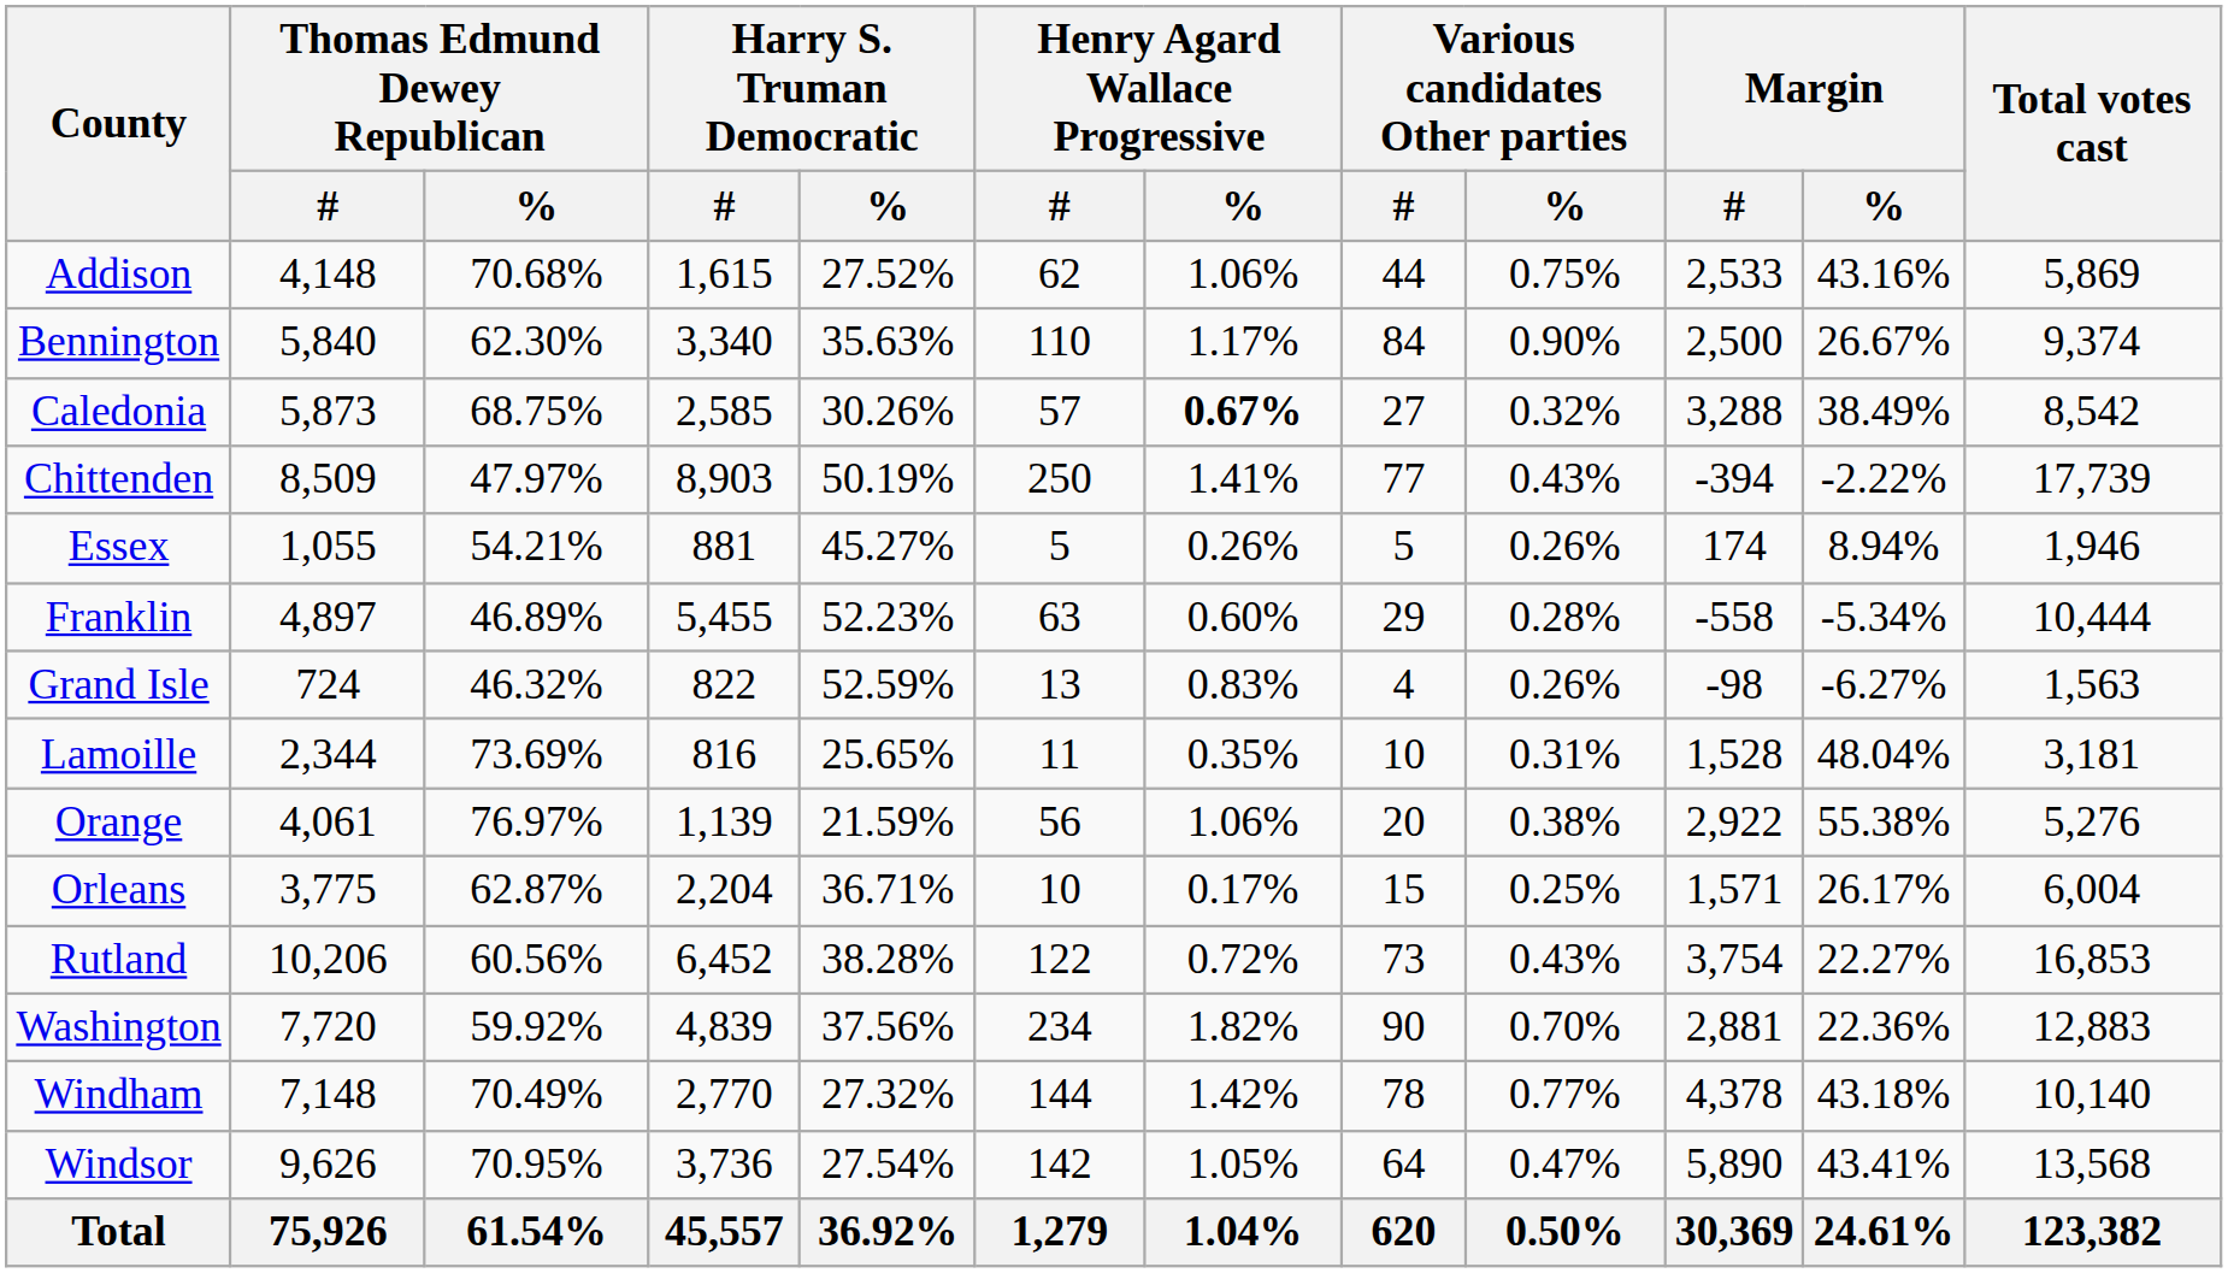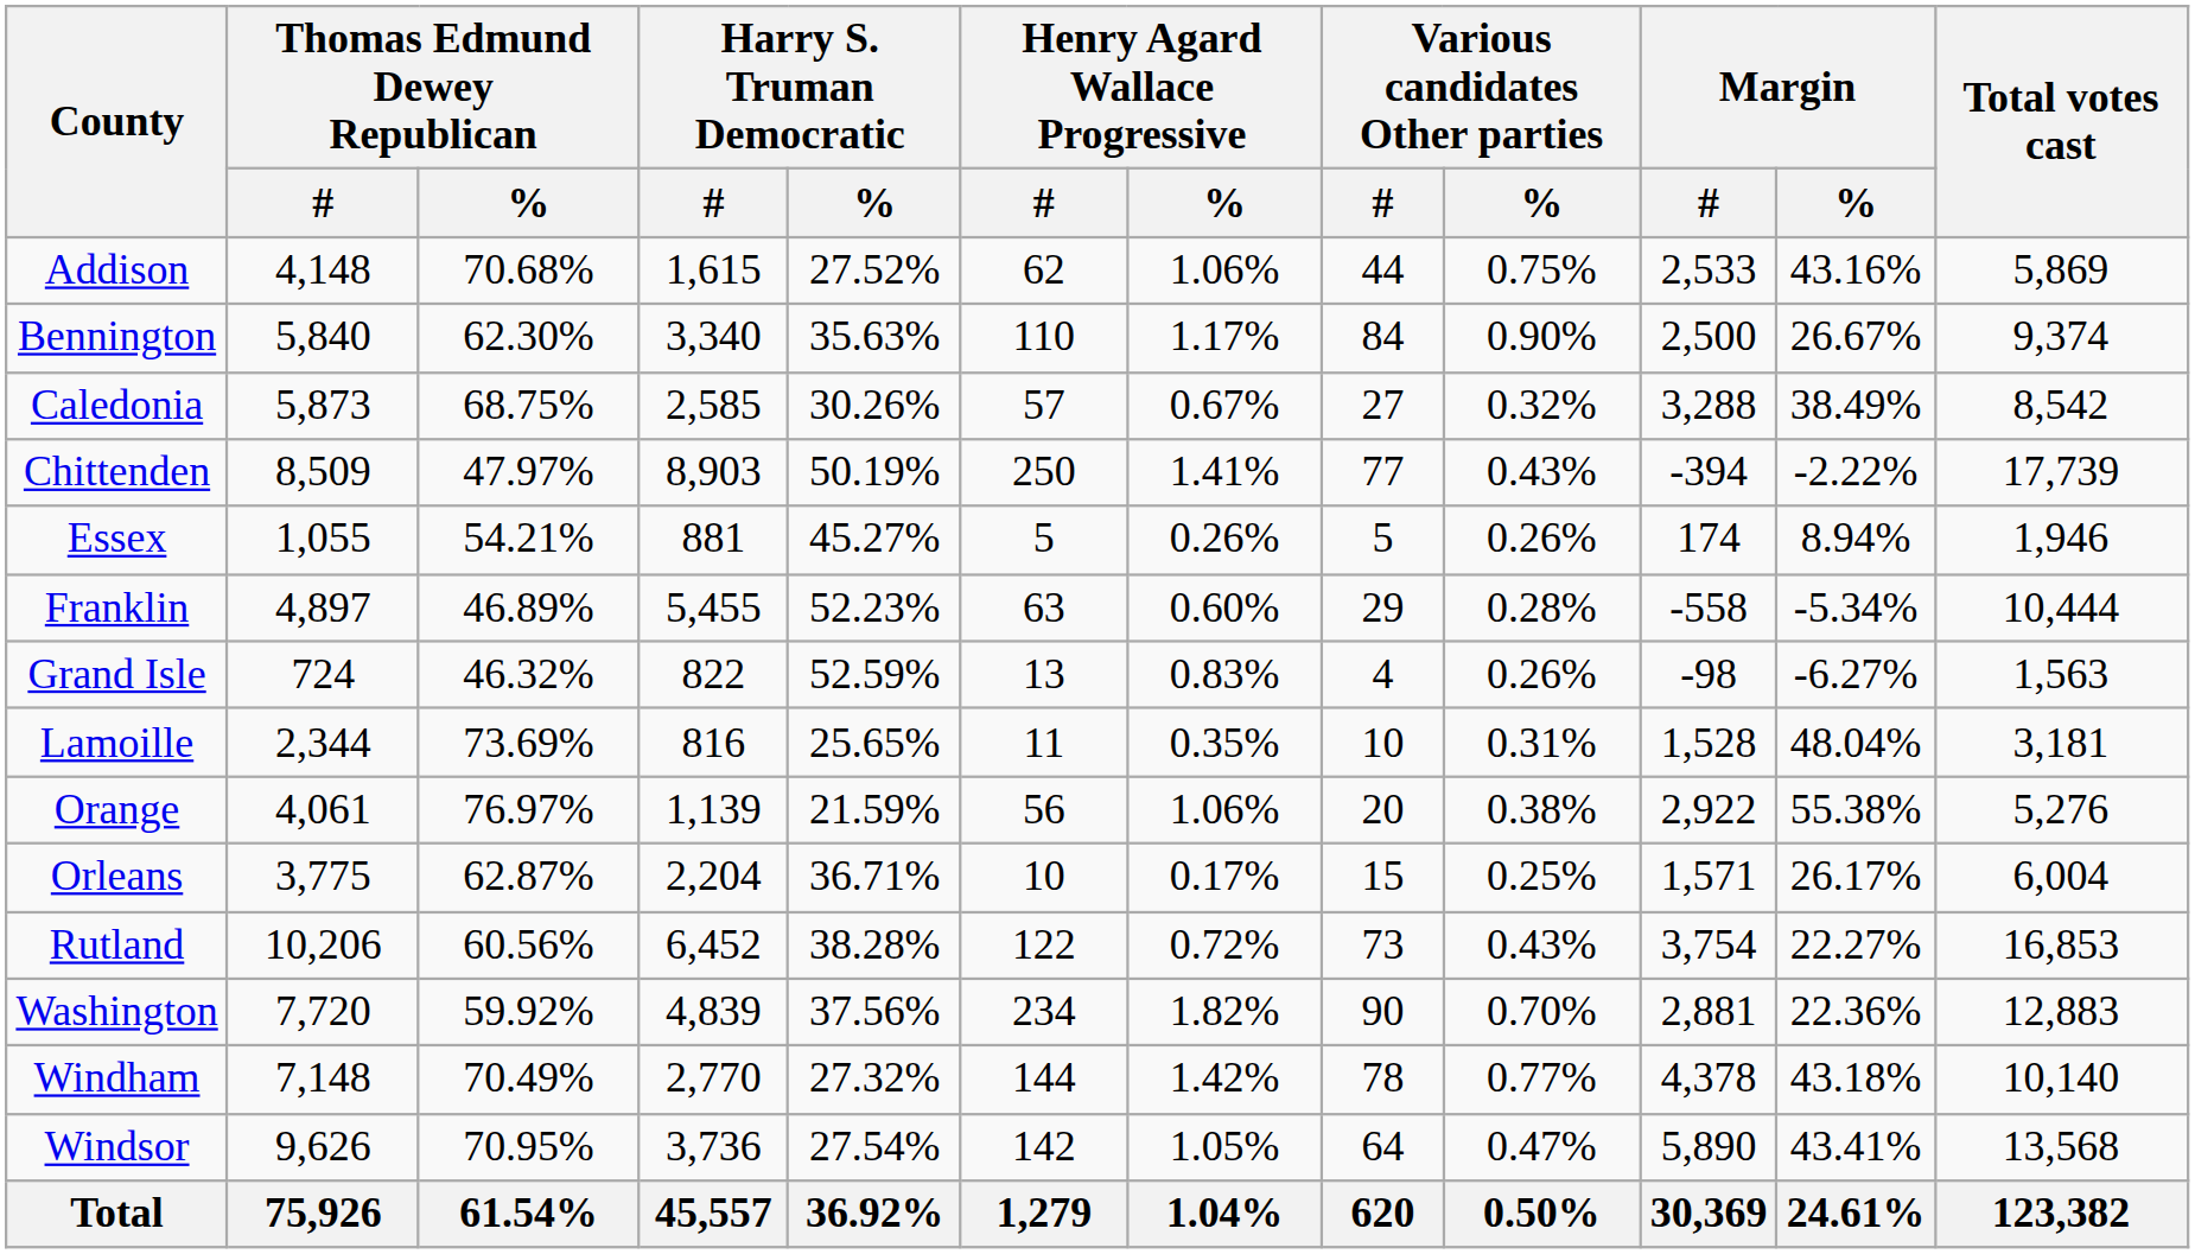 <table width="65%"  class="wikitable sortable" style="text-align:center">
 <tr>
 <th colspan="1" rowspan="2">County</th>
 <th style="text-align:center;" colspan="2">Thomas Edmund Dewey<br>Republican</th>
 <th style="text-align:center;" colspan="2">Harry S. Truman<br>Democratic</th>
 <th style="text-align:center;" colspan="2">Henry Agard Wallace<br>Progressive</th>
 <th style="text-align:center;" colspan="2">Various candidates<br>Other parties</th>
 <th style="text-align:center;" colspan="2">Margin</th>
 <th colspan="1" rowspan="2" style="text-align:center;">Total votes cast</th>
 </tr>
 <tr>
 <th style="text-align:center;" data-sort-type="number">#</th>
 <th style="text-align:center;" data-sort-type="number">%</th>
 <th style="text-align:center;" data-sort-type="number">#</th>
 <th style="text-align:center;" data-sort-type="number">%</th>
 <th style="text-align:center;" data-sort-type="number">#</th>
 <th style="text-align:center;" data-sort-type="number">%</th>
 <th style="text-align:center;" data-sort-type="number">#</th>
 <th style="text-align:center;" data-sort-type="number">%</th>
 <th style="text-align:center;" data-sort-type="number">#</th>
 <th style="text-align:center;" data-sort-type="number">%</th>
 </tr>
 <tr style="text-align:center;">
 <td><a href='#'>Addison</a></td>
 <td>4,148</td>
 <td>70.68%</td>
 <td>1,615</td>
 <td>27.52%</td>
 <td>62</td>
 <td>1.06%</td>
 <td>44</td>
 <td>0.75%</td>
 <td>2,533</td>
 <td>43.16%</td>
 <td>5,869</td>
 </tr>
 <tr style="text-align:center;">
 <td><a href='#'>Bennington</a></td>
 <td>5,840</td>
 <td>62.30%</td>
 <td>3,340</td>
 <td>35.63%</td>
 <td>110</td>
 <td>1.17%</td>
 <td>84</td>
 <td>0.90%</td>
 <td>2,500</td>
 <td>26.67%</td>
 <td>9,374</td>
 </tr>
 <tr style="text-align:center;">
 <td><a href='#'>Caledonia</a></td>
 <td>5,873</td>
 <td>68.75%</td>
 <td>2,585</td>
 <td>30.26%</td>
 <td>57</td>
-<td><strong>0.67%</strong></td>
+<td>0.67%</td>
 <td>27</td>
 <td>0.32%</td>
 <td>3,288</td>
 <td>38.49%</td>
 <td>8,542</td>
 </tr>
 <tr style="text-align:center;">
 <td><a href='#'>Chittenden</a></td>
 <td>8,509</td>
 <td>47.97%</td>
 <td>8,903</td>
 <td>50.19%</td>
 <td>250</td>
 <td>1.41%</td>
 <td>77</td>
 <td>0.43%</td>
 <td>-394</td>
 <td>-2.22%</td>
 <td>17,739</td>
 </tr>
 <tr style="text-align:center;">
 <td><a href='#'>Essex</a></td>
 <td>1,055</td>
 <td>54.21%</td>
 <td>881</td>
 <td>45.27%</td>
 <td>5</td>
 <td>0.26%</td>
 <td>5</td>
 <td>0.26%</td>
 <td>174</td>
 <td>8.94%</td>
 <td>1,946</td>
 </tr>
 <tr style="text-align:center;">
 <td><a href='#'>Franklin</a></td>
 <td>4,897</td>
 <td>46.89%</td>
 <td>5,455</td>
 <td>52.23%</td>
 <td>63</td>
 <td>0.60%</td>
 <td>29</td>
 <td>0.28%</td>
 <td>-558</td>
 <td>-5.34%</td>
 <td>10,444</td>
 </tr>
 <tr style="text-align:center;">
 <td><a href='#'>Grand Isle</a></td>
 <td>724</td>
 <td>46.32%</td>
 <td>822</td>
 <td>52.59%</td>
 <td>13</td>
 <td>0.83%</td>
 <td>4</td>
 <td>0.26%</td>
 <td>-98</td>
 <td>-6.27%</td>
 <td>1,563</td>
 </tr>
 <tr style="text-align:center;">
 <td><a href='#'>Lamoille</a></td>
 <td>2,344</td>
 <td>73.69%</td>
 <td>816</td>
 <td>25.65%</td>
 <td>11</td>
 <td>0.35%</td>
 <td>10</td>
 <td>0.31%</td>
 <td>1,528</td>
 <td>48.04%</td>
 <td>3,181</td>
 </tr>
 <tr style="text-align:center;">
 <td><a href='#'>Orange</a></td>
 <td>4,061</td>
 <td>76.97%</td>
 <td>1,139</td>
 <td>21.59%</td>
 <td>56</td>
 <td>1.06%</td>
 <td>20</td>
 <td>0.38%</td>
 <td>2,922</td>
 <td>55.38%</td>
 <td>5,276</td>
 </tr>
 <tr style="text-align:center;">
 <td><a href='#'>Orleans</a></td>
 <td>3,775</td>
 <td>62.87%</td>
 <td>2,204</td>
 <td>36.71%</td>
 <td>10</td>
 <td>0.17%</td>
 <td>15</td>
 <td>0.25%</td>
 <td>1,571</td>
 <td>26.17%</td>
 <td>6,004</td>
 </tr>
 <tr style="text-align:center;">
 <td><a href='#'>Rutland</a></td>
 <td>10,206</td>
 <td>60.56%</td>
 <td>6,452</td>
 <td>38.28%</td>
 <td>122</td>
 <td>0.72%</td>
 <td>73</td>
 <td>0.43%</td>
 <td>3,754</td>
 <td>22.27%</td>
 <td>16,853</td>
 </tr>
 <tr style="text-align:center;">
 <td><a href='#'>Washington</a></td>
 <td>7,720</td>
 <td>59.92%</td>
 <td>4,839</td>
 <td>37.56%</td>
 <td>234</td>
 <td>1.82%</td>
 <td>90</td>
 <td>0.70%</td>
 <td>2,881</td>
 <td>22.36%</td>
 <td>12,883</td>
 </tr>
 <tr style="text-align:center;">
 <td><a href='#'>Windham</a></td>
 <td>7,148</td>
 <td>70.49%</td>
 <td>2,770</td>
 <td>27.32%</td>
 <td>144</td>
 <td>1.42%</td>
 <td>78</td>
 <td>0.77%</td>
 <td>4,378</td>
 <td>43.18%</td>
 <td>10,140</td>
 </tr>
 <tr style="text-align:center;">
 <td><a href='#'>Windsor</a></td>
 <td>9,626</td>
 <td>70.95%</td>
 <td>3,736</td>
 <td>27.54%</td>
 <td>142</td>
 <td>1.05%</td>
 <td>64</td>
 <td>0.47%</td>
 <td>5,890</td>
 <td>43.41%</td>
 <td>13,568</td>
 </tr>
 <tr style="text-align:center;">
 <th>Total</th>
 <th>75,926</th>
 <th>61.54%</th>
 <th>45,557</th>
 <th>36.92%</th>
 <th>1,279</th>
 <th>1.04%</th>
 <th>620</th>
 <th>0.50%</th>
 <th>30,369</th>
 <th>24.61%</th>
 <th>123,382</th>
 </tr>
 </table>
